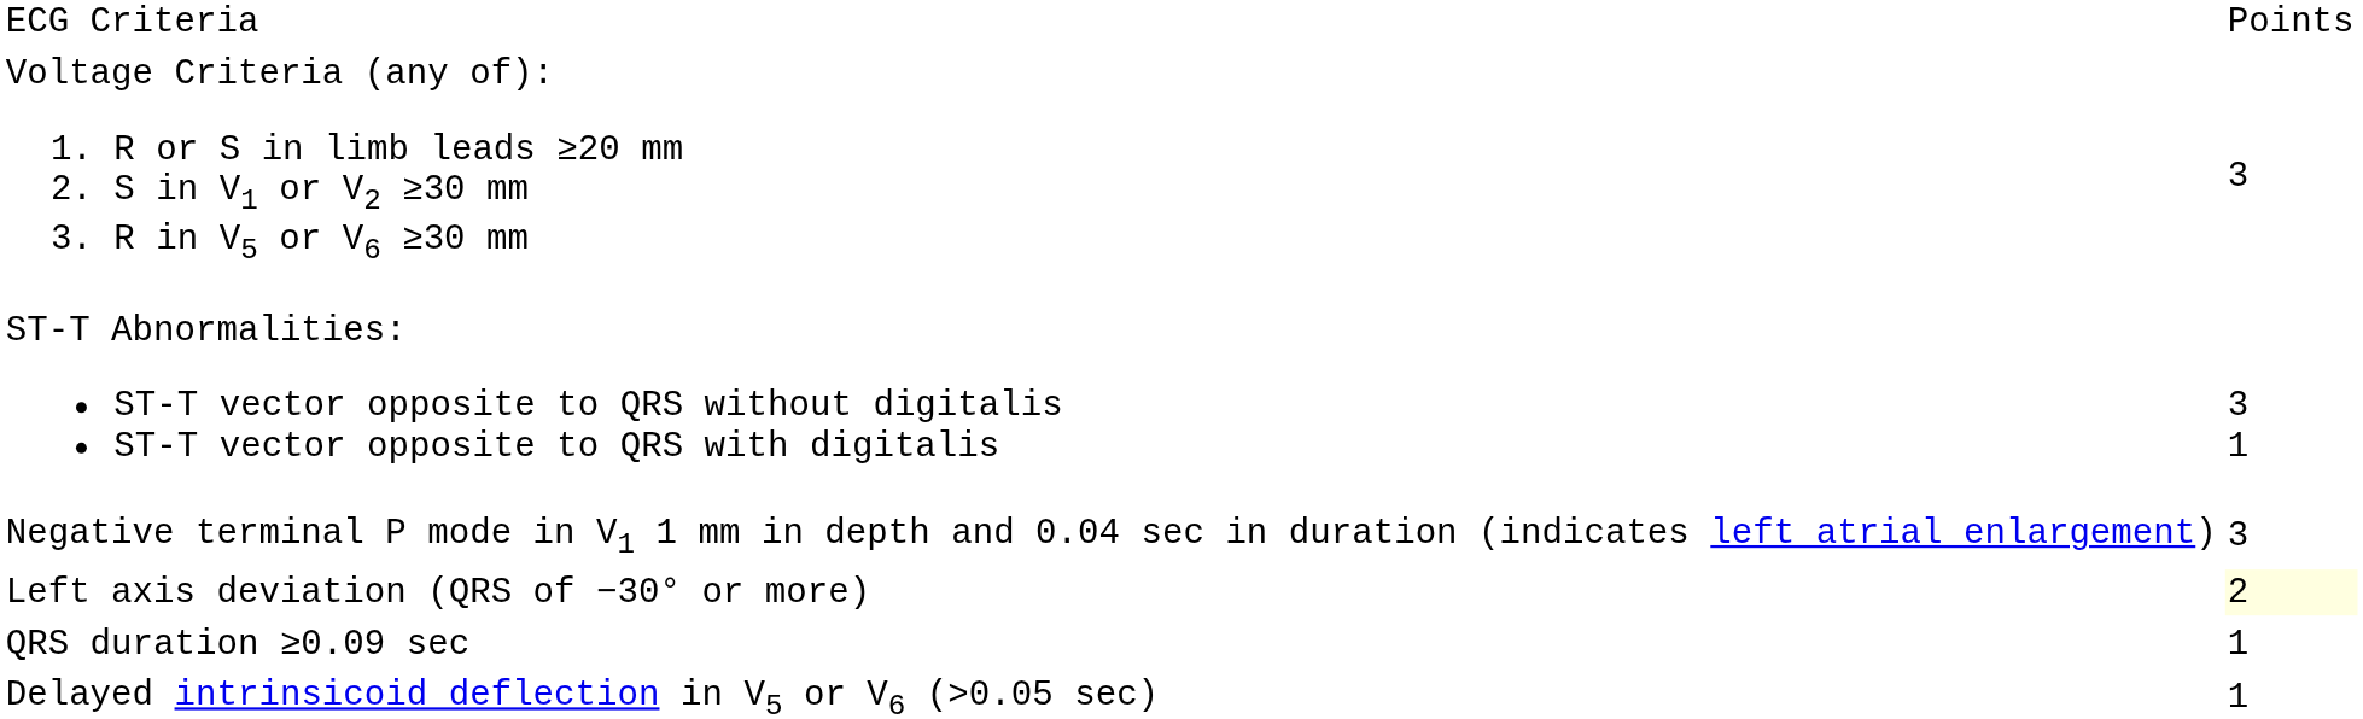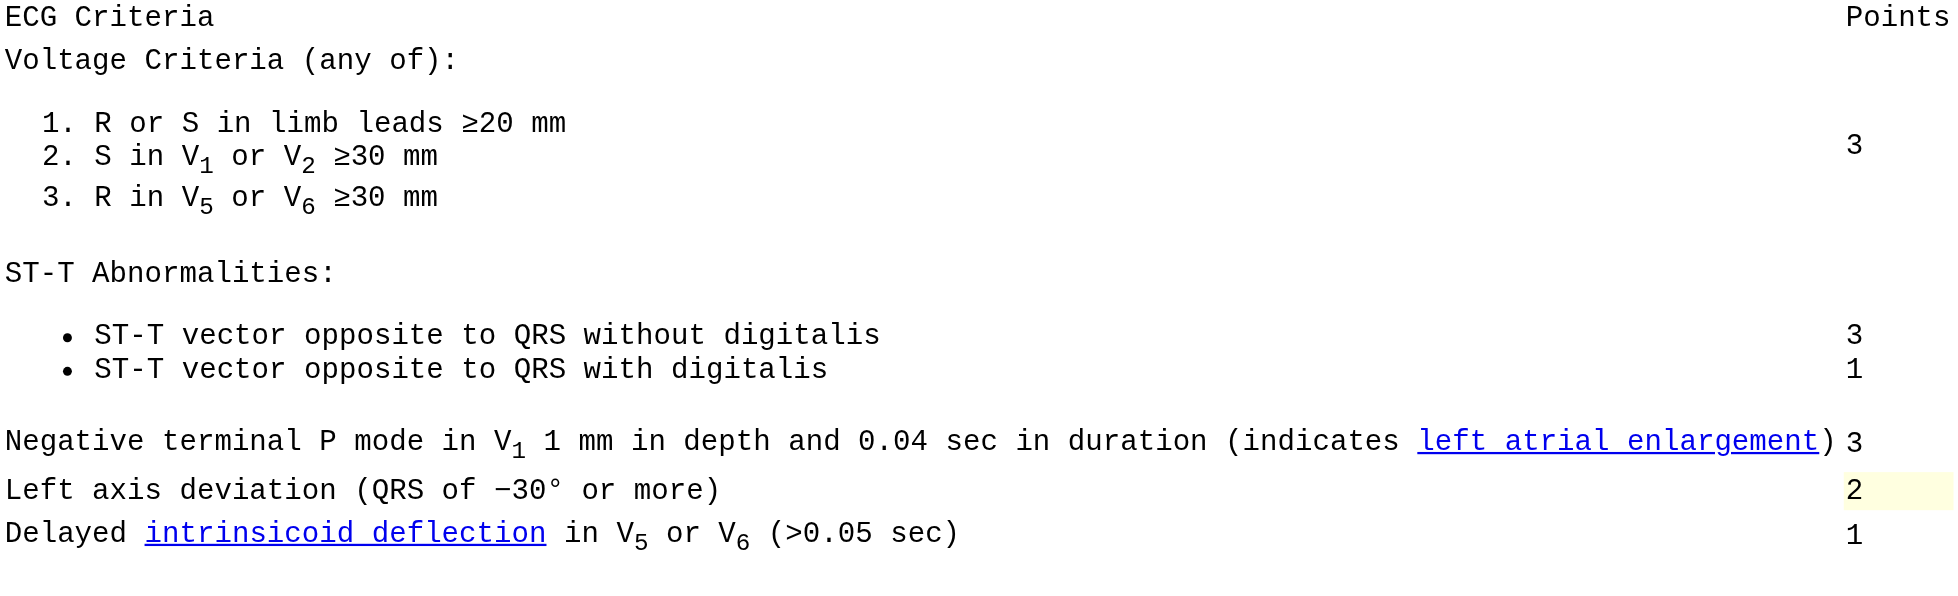 <table>
 <tr>
 <td>ECG Criteria</td>
 <td>Points</td>
 </tr>
 <tr>
 <td>Voltage Criteria (any of):<br><ol><li>R or S in limb leads ≥20 mm</li><li>S in V<sub>1</sub> or V<sub>2</sub> ≥30 mm</li><li>R in V<sub>5</sub> or V<sub>6</sub> ≥30 mm</li></ol></td>
 <td>3</td>
 </tr>
 <tr>
 <td>ST-T Abnormalities:<br><ul><li>ST-T vector opposite to QRS without digitalis</li><li>ST-T vector opposite to QRS with digitalis</li></ul></td>
 <td><br>3<br> 1</td>
 </tr>
 <tr>
 <td>Negative terminal P mode in V<sub>1</sub> 1 mm in depth and 0.04 sec in duration (indicates <a href='#'>left atrial enlargement</a>)</td>
 <td>3</td>
 </tr>
 <tr>
 <td>Left axis deviation (QRS of −30° or more)</td>
 <td style="background: lightyellow;">2</td>
 </tr>
 <tr>
-<td>QRS duration ≥0.09 sec</td>
-<td>1</td>
-</tr>
-<tr>
 <td>Delayed <a href='#'>intrinsicoid deflection</a> in V<sub>5</sub> or V<sub>6</sub> (>0.05 sec)</td>
 <td>1</td>
 </tr>
 </table>
